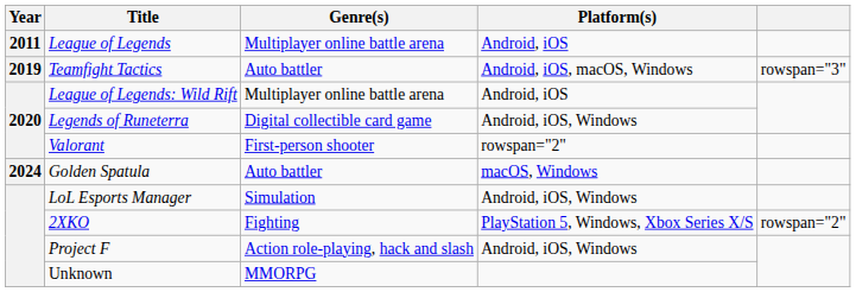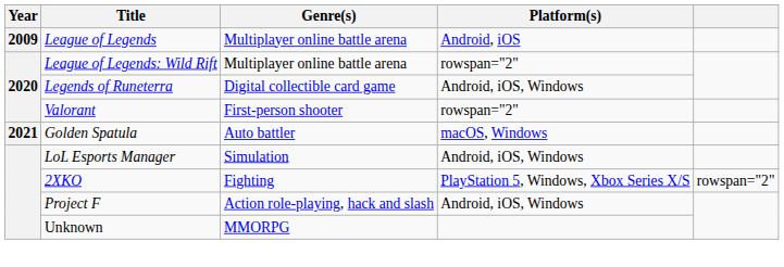 <table class="wikitable sortable plainrowheaders">
 <tr>
 <th scope="col">Year</th>
 <th scope="col">Title</th>
 <th scope="col">Genre(s)</th>
 <th scope="col">Platform(s)</th>
 <th scope="col" class="unsortable"></th>
 </tr>
 <tr>
-<th scope="row">2011</th>
+<th scope="row">2009</th>
 <td><em><a href='#'>League of Legends</a></em></td>
 <td><a href='#'>Multiplayer online battle arena</a></td>
 <td><a href='#'>Android</a>, <a href='#'>iOS</a></td>
 <td></td>
 </tr>
 <tr>
-<th scope="row">2019</th>
-<td><em><a href='#'>Teamfight Tactics</a></em></td>
-<td><a href='#'>Auto battler</a></td>
-<td><a href='#'>Android</a>, <a href='#'>iOS</a>, macOS, Windows</td>
-<td>rowspan="3" </td>
-</tr>
-<tr>
 <th scope="row" rowspan="3">2020</th>
 <td><em><a href='#'>League of Legends: Wild Rift</a></em></td>
 <td>Multiplayer online battle arena</td>
-<td>Android, iOS</td>
+<td>rowspan="2" </td>
 </tr>
 <tr>
 <td><em><a href='#'>Legends of Runeterra</a></em></td>
 <td><a href='#'>Digital collectible card game</a></td>
 <td>Android, iOS, Windows</td>
 </tr>
 <tr>
 <td><em><a href='#'>Valorant</a></em></td>
 <td><a href='#'>First-person shooter</a></td>
 <td>rowspan="2" </td>
 <td></td>
 </tr>
 <tr>
-<th scope="row">2024</th>
+<th scope="row">2021</th>
 <td><em>Golden Spatula</em></td>
 <td><a href='#'>Auto battler</a></td>
 <td><a href='#'>macOS</a>, <a href='#'>Windows</a></td>
 <td></td>
 </tr>
 <tr>
 <th scope="row" rowspan="4"></th>
 <td><em>LoL Esports Manager</em></td>
 <td><a href='#'>Simulation</a></td>
 <td>Android, iOS, Windows</td>
 <td></td>
 </tr>
 <tr>
 <td><em><a href='#'>2XKO</a></em></td>
 <td><a href='#'>Fighting</a></td>
 <td><a href='#'>PlayStation 5</a>, Windows, <a href='#'>Xbox Series X/S</a></td>
 <td>rowspan="2" </td>
 </tr>
 <tr>
 <td><em>Project F</em></td>
 <td><a href='#'>Action role-playing</a>, <a href='#'>hack and slash</a></td>
 <td>Android, iOS, Windows</td>
 </tr>
 <tr>
 <td>Unknown</td>
 <td><a href='#'>MMORPG</a></td>
 <td></td>
 </tr>
 </table>
